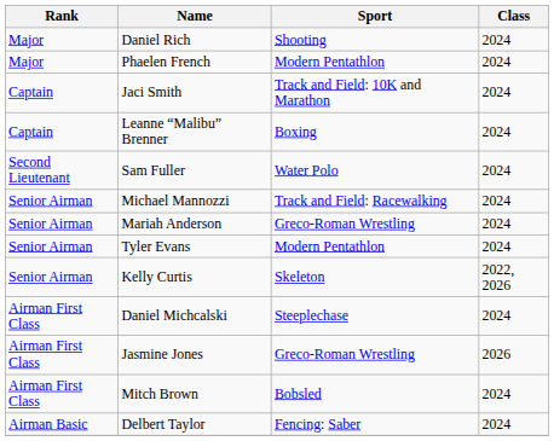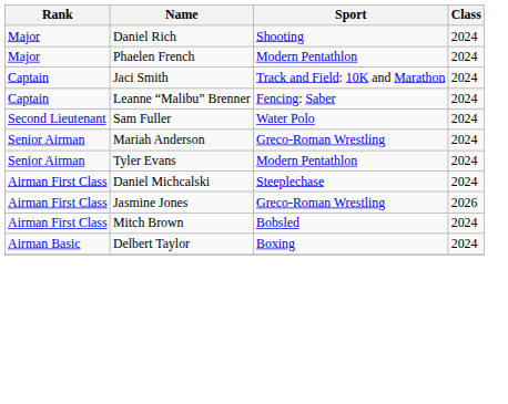 <table class="wikitable sortable">
 <tr>
 <th>Rank</th>
 <th>Name</th>
 <th>Sport</th>
 <th>Class</th>
 </tr>
 <tr>
 <td> <a href='#'>Major</a></td>
 <td data-sort-value="Rich, Daniel">Daniel Rich</td>
 <td> <a href='#'>Shooting</a></td>
 <td data-sort-value="2024">2024</td>
 </tr>
 <tr>
 <td> <a href='#'>Major</a></td>
 <td data-sort-value="French, Phaelen">Phaelen French</td>
 <td> <a href='#'>Modern Pentathlon</a></td>
 <td data-sort-value="2024">2024</td>
 </tr>
 <tr>
 <td> <a href='#'>Captain</a></td>
 <td data-sort-value="Smith, Jaci">Jaci Smith</td>
 <td> <a href='#'>Track and Field</a>: <a href='#'>10K</a> and <a href='#'>Marathon</a></td>
 <td data-sort-value="2024">2024</td>
 </tr>
 <tr>
 <td> <a href='#'>Captain</a></td>
 <td data-sort-value="Brenner, Leanne">Leanne “Malibu” Brenner</td>
-<td> <a href='#'>Boxing</a></td>
+<td> <a href='#'>Fencing</a>: <a href='#'>Saber</a></td>
 <td data-sort-value="2024">2024</td>
 </tr>
 <tr>
 <td> <a href='#'>Second Lieutenant</a></td>
 <td data-sort-value="Fuller, Sam">Sam Fuller</td>
 <td> <a href='#'>Water Polo</a></td>
-<td data-sort-value="2024">2024</td>
-</tr>
-<tr>
-<td> <a href='#'>Senior Airman</a></td>
-<td data-sort-value="Mannozzi, Michael">Michael Mannozzi</td>
-<td> <a href='#'>Track and Field</a>: <a href='#'>Racewalking</a></td>
 <td data-sort-value="2024">2024</td>
 </tr>
 <tr>
 <td> <a href='#'>Senior Airman</a></td>
 <td data-sort-value="Anderson, Mariah">Mariah Anderson</td>
 <td> <a href='#'>Greco-Roman Wrestling</a></td>
 <td data-sort-value="2024">2024</td>
 </tr>
 <tr>
 <td> <a href='#'>Senior Airman</a></td>
 <td data-sort-value="Evans, Tyler">Tyler Evans</td>
 <td> <a href='#'>Modern Pentathlon</a></td>
 <td data-sort-value="2024">2024</td>
-</tr>
-<tr>
-<td> <a href='#'>Senior Airman</a></td>
-<td data-sort-value="Curtis, Kelly">Kelly Curtis</td>
-<td> <a href='#'>Skeleton</a></td>
-<td data-sort-value="2022">2022, 2026</td>
 </tr>
 <tr>
 <td> <a href='#'>Airman First Class</a></td>
 <td data-sort-value="Michalski, Daniel">Daniel Michcalski</td>
 <td> <a href='#'>Steeplechase</a></td>
 <td data-sort-value="2024">2024</td>
 </tr>
 <tr>
 <td> <a href='#'>Airman First Class</a></td>
 <td data-sort-value="Jones, Jasmine">Jasmine Jones</td>
 <td> <a href='#'>Greco-Roman Wrestling</a></td>
 <td data-sort-value="2026">2026</td>
 </tr>
 <tr>
 <td> <a href='#'>Airman First Class</a></td>
 <td data-sort-value="Brown, Mitch">Mitch Brown</td>
 <td> <a href='#'>Bobsled</a></td>
 <td data-sort-value="2024">2024</td>
 </tr>
 <tr>
 <td><a href='#'>Airman Basic</a></td>
 <td data-sort-value="Taylor, Delbert">Delbert Taylor</td>
-<td> <a href='#'>Fencing</a>: <a href='#'>Saber</a></td>
+<td> <a href='#'>Boxing</a></td>
 <td data-sort-value="2024">2024</td>
 </tr>
 <tr>
 </tr>
 </table>
